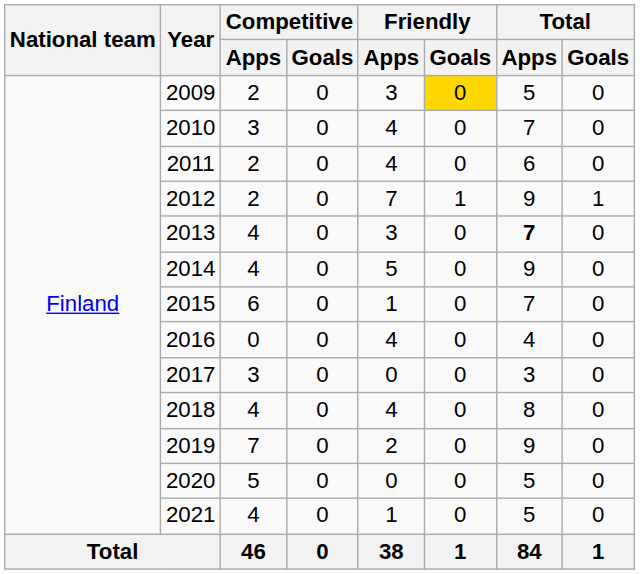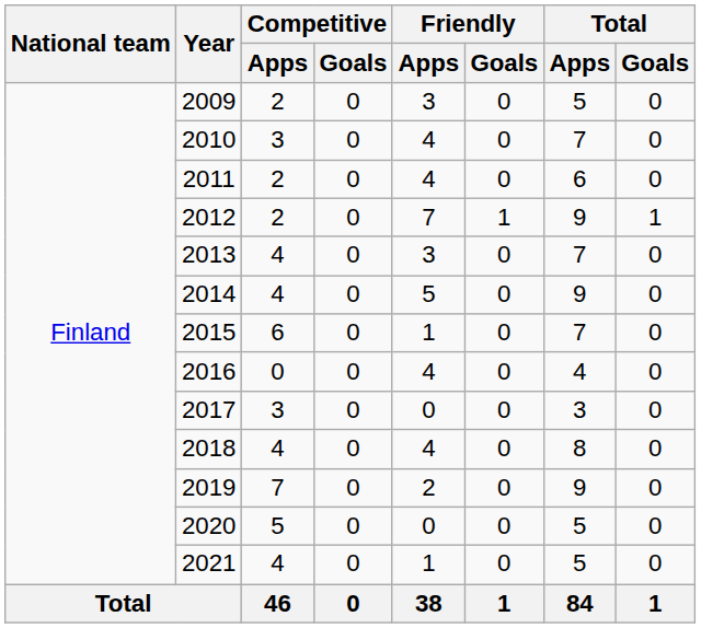 <table class="wikitable" style="text-align:center">
 <tr>
 <th rowspan="2">National team</th>
 <th rowspan="2">Year</th>
 <th colspan="2">Competitive</th>
 <th colspan="2">Friendly</th>
 <th colspan="2">Total</th>
 </tr>
 <tr>
 <th>Apps</th>
 <th>Goals</th>
 <th>Apps</th>
 <th>Goals</th>
 <th>Apps</th>
 <th>Goals</th>
 </tr>
 <tr>
 <td rowspan="13"><a href='#'>Finland</a></td>
 <td>2009</td>
 <td>2</td>
 <td>0</td>
 <td>3</td>
-<td style="background: gold;">0</td>
+<td>0</td>
 <td>5</td>
 <td>0</td>
 </tr>
 <tr>
 <td>2010</td>
 <td>3</td>
 <td>0</td>
 <td>4</td>
 <td>0</td>
 <td>7</td>
 <td>0</td>
 </tr>
 <tr>
 <td>2011</td>
 <td>2</td>
 <td>0</td>
 <td>4</td>
 <td>0</td>
 <td>6</td>
 <td>0</td>
 </tr>
 <tr>
 <td>2012</td>
 <td>2</td>
 <td>0</td>
 <td>7</td>
 <td>1</td>
 <td>9</td>
 <td>1</td>
 </tr>
 <tr>
 <td>2013</td>
 <td>4</td>
 <td>0</td>
 <td>3</td>
 <td>0</td>
-<td><strong>7</strong></td>
+<td>7</td>
 <td>0</td>
 </tr>
 <tr>
 <td>2014</td>
 <td>4</td>
 <td>0</td>
 <td>5</td>
 <td>0</td>
 <td>9</td>
 <td>0</td>
 </tr>
 <tr>
 <td>2015</td>
 <td>6</td>
 <td>0</td>
 <td>1</td>
 <td>0</td>
 <td>7</td>
 <td>0</td>
 </tr>
 <tr>
 <td>2016</td>
 <td>0</td>
 <td>0</td>
 <td>4</td>
 <td>0</td>
 <td>4</td>
 <td>0</td>
 </tr>
 <tr>
 <td>2017</td>
 <td>3</td>
 <td>0</td>
 <td>0</td>
 <td>0</td>
 <td>3</td>
 <td>0</td>
 </tr>
 <tr>
 <td>2018</td>
 <td>4</td>
 <td>0</td>
 <td>4</td>
 <td>0</td>
 <td>8</td>
 <td>0</td>
 </tr>
 <tr>
 <td>2019</td>
 <td>7</td>
 <td>0</td>
 <td>2</td>
 <td>0</td>
 <td>9</td>
 <td>0</td>
 </tr>
 <tr>
 <td>2020</td>
 <td>5</td>
 <td>0</td>
 <td>0</td>
 <td>0</td>
 <td>5</td>
 <td>0</td>
 </tr>
 <tr>
 <td>2021</td>
 <td>4</td>
 <td>0</td>
 <td>1</td>
 <td>0</td>
 <td>5</td>
 <td>0</td>
 </tr>
 <tr>
 <th colspan="2">Total</th>
 <th>46</th>
 <th>0</th>
 <th>38</th>
 <th>1</th>
 <th>84</th>
 <th>1</th>
 </tr>
 </table>
